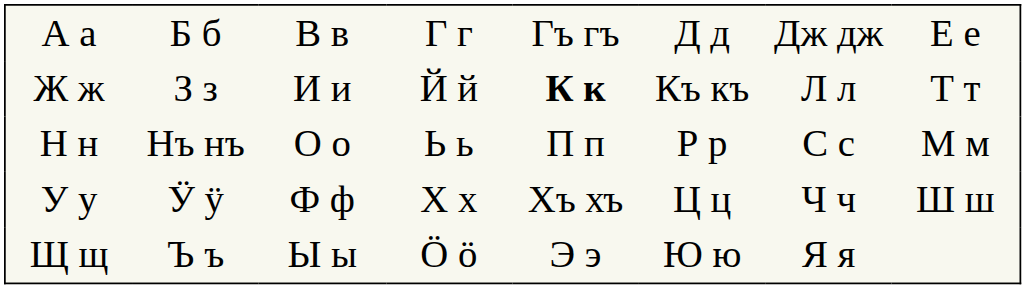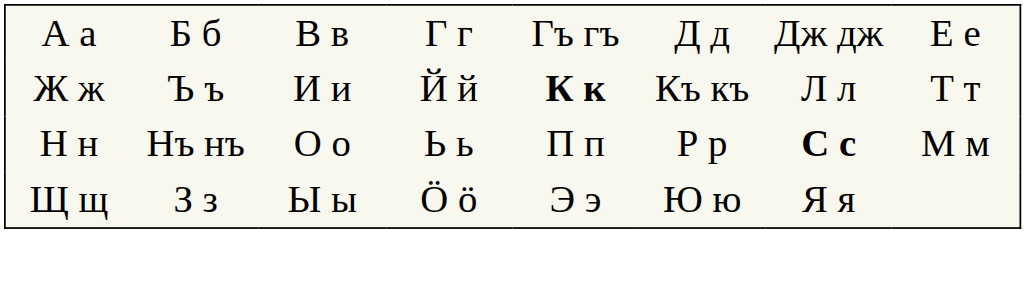 <table style="font-family:Arial Unicode MS; font-size:1.4em; border-color:#000000; border-width:1px; border-style:solid; border-collapse:collapse; background-color:#F8F8EF">
 <tr>
 <td style="width:3em; text-align:center; padding: 3px;">А а</td>
 <td style="width:3em; text-align:center; padding: 3px;">Б б</td>
 <td style="width:3em; text-align:center; padding: 3px;">В в</td>
 <td style="width:3em; text-align:center; padding: 3px;">Г г</td>
 <td style="width:3em; text-align:center; padding: 3px;">Гъ гъ</td>
 <td style="width:3em; text-align:center; padding: 3px;">Д д</td>
 <td style="width:3em; text-align:center; padding: 3px;">Дж дж</td>
 <td style="width:3em; text-align:center; padding: 3px;">Е е</td>
 </tr>
 <tr>
 <td style="width:3em; text-align:center; padding: 3px;">Ж ж</td>
-<td style="width:3em; text-align:center; padding: 3px;">З з</td>
+<td style="width:3em; text-align:center; padding: 3px;">Ъ ъ</td>
 <td style="width:3em; text-align:center; padding: 3px;">И и</td>
 <td style="width:3em; text-align:center; padding: 3px;">Й й</td>
 <td style="width:3em; text-align:center; padding: 3px;"><strong>К к</strong></td>
 <td style="width:3em; text-align:center; padding: 3px;">Къ къ</td>
 <td style="width:3em; text-align:center; padding: 3px;">Л л</td>
 <td style="width:3em; text-align:center; padding: 3px;">Т т</td>
 </tr>
 <tr>
 <td style="width:3em; text-align:center; padding: 3px;">Н н</td>
 <td style="width:3em; text-align:center; padding: 3px;">Нъ нъ</td>
 <td style="width:3em; text-align:center; padding: 3px;">О о</td>
 <td style="width:3em; text-align:center; padding: 3px;">Ь ь</td>
 <td style="width:3em; text-align:center; padding: 3px;">П п</td>
 <td style="width:3em; text-align:center; padding: 3px;">Р р</td>
-<td style="width:3em; text-align:center; padding: 3px;">С с</td>
+<td style="width:3em; text-align:center; padding: 3px;"><strong>С с</strong></td>
 <td style="width:3em; text-align:center; padding: 3px;">М м</td>
 </tr>
 <tr>
-<td style="width:3em; text-align:center; padding: 3px;">У у</td>
-<td style="width:3em; text-align:center; padding: 3px;">Ӱ ӱ</td>
-<td style="width:3em; text-align:center; padding: 3px;">Ф ф</td>
-<td style="width:3em; text-align:center; padding: 3px;">Х х</td>
-<td style="width:3em; text-align:center; padding: 3px;">Хъ хъ</td>
-<td style="width:3em; text-align:center; padding: 3px;">Ц ц</td>
-<td style="width:3em; text-align:center; padding: 3px;">Ч ч</td>
-<td style="width:3em; text-align:center; padding: 3px;">Ш ш</td>
-</tr>
-<tr>
 <td style="width:3em; text-align:center; padding: 3px;">Щ щ</td>
-<td style="width:3em; text-align:center; padding: 3px;">Ъ ъ</td>
+<td style="width:3em; text-align:center; padding: 3px;">З з</td>
 <td style="width:3em; text-align:center; padding: 3px;">Ы ы</td>
 <td style="width:3em; text-align:center; padding: 3px;">Ӧ ӧ</td>
 <td style="width:3em; text-align:center; padding: 3px;">Э э</td>
 <td style="width:3em; text-align:center; padding: 3px;">Ю ю</td>
 <td style="width:3em; text-align:center; padding: 3px;">Я я</td>
 <td></td>
 </tr>
 </table>
